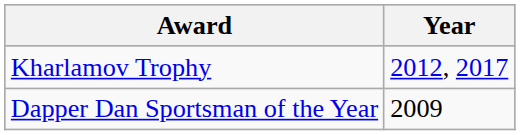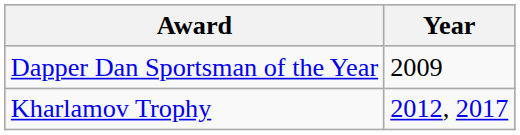 <table class="wikitable">
 <tr>
 <th scope="col">Award</th>
 <th scope="col">Year</th>
 </tr>
 <tr>
+<td><a href='#'>Dapper Dan Sportsman of the Year</a></td>
+<td>2009</td>
+</tr>
+<tr>
 <td><a href='#'>Kharlamov Trophy</a></td>
 <td><a href='#'>2012</a>, <a href='#'>2017</a></td>
 </tr>
-<tr>
-<td><a href='#'>Dapper Dan Sportsman of the Year</a></td>
-<td>2009</td>
-</tr>
 </table>
